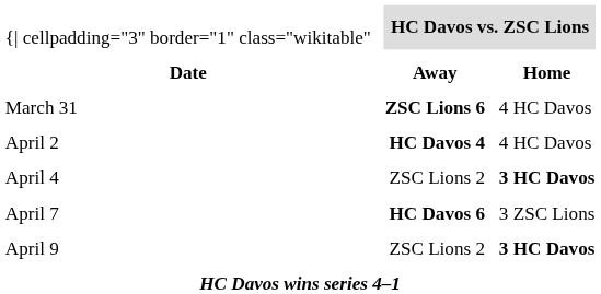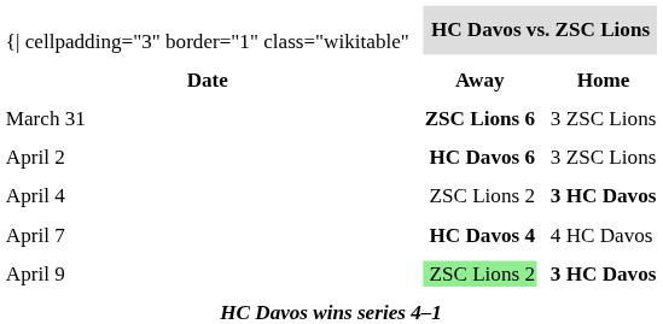 <table cellspacing="10">
 <tr>
 <td valign="top"><br>	{| cellpadding="3" border="1"  class="wikitable"</td>
 <th bgcolor="#DDDDDD" colspan="4">HC Davos vs. ZSC Lions</th>
 </tr>
 <tr>
 <th>Date</th>
 <th>Away</th>
 <th>Home</th>
 </tr>
 <tr>
 <td>March 31</td>
 <td align = "right"><strong>ZSC Lions 6</strong></td>
-<td>4 HC Davos</td>
+<td>3 ZSC Lions</td>
 </tr>
 <tr>
 <td>April 2</td>
-<td align = "right"><strong>HC Davos 4</strong></td>
-<td>4 HC Davos</td>
+<td align = "right"><strong>HC Davos 6</strong></td>
+<td>3 ZSC Lions</td>
 </tr>
 <tr>
 <td>April 4</td>
 <td align = "right">ZSC Lions 2</td>
 <td><strong>3 HC Davos</strong></td>
 </tr>
 <tr>
 <td>April 7</td>
-<td align = "right"><strong>HC Davos 6</strong></td>
-<td>3 ZSC Lions</td>
+<td align = "right"><strong>HC Davos 4</strong></td>
+<td>4 HC Davos</td>
 </tr>
 <tr>
 <td>April 9</td>
-<td align = "right">ZSC Lions 2</td>
+<td align = "right" style="background: lightgreen;">ZSC Lions 2</td>
 <td><strong>3 HC Davos</strong></td>
 </tr>
 <tr align="center">
 <td colspan="4"><strong><em>HC Davos wins series 4–1</em></strong></td>
 </tr>
 </table>
